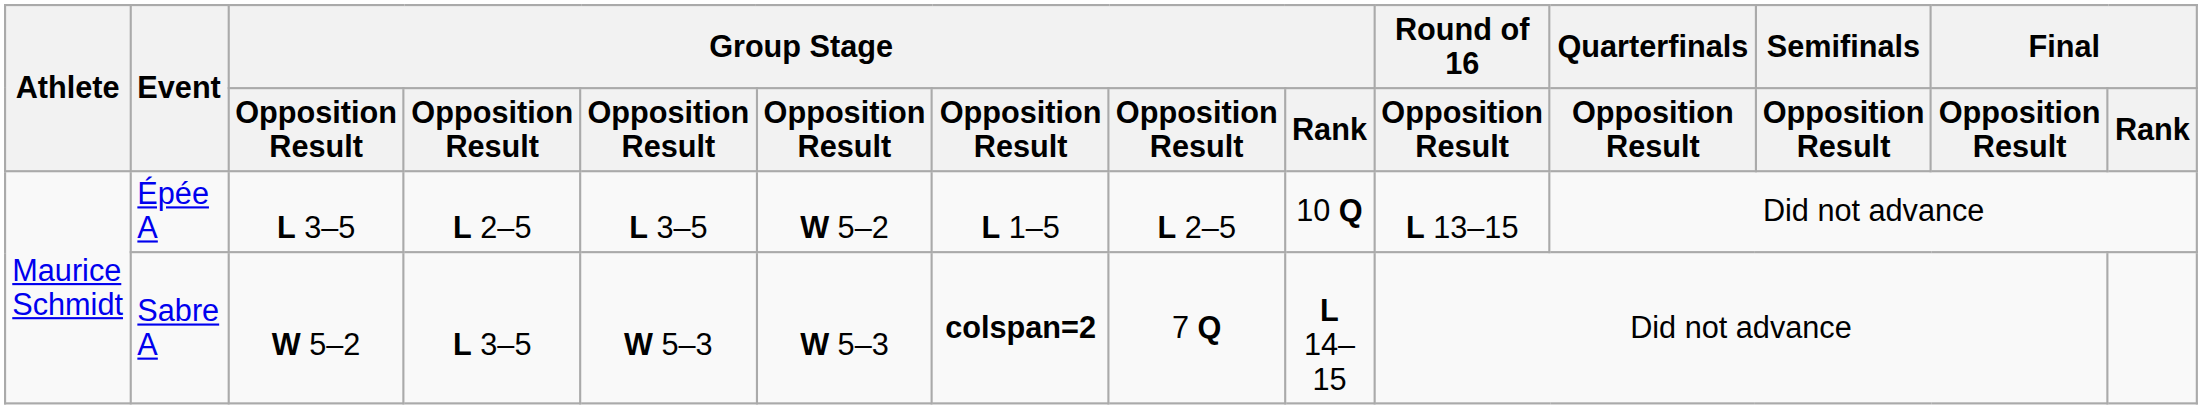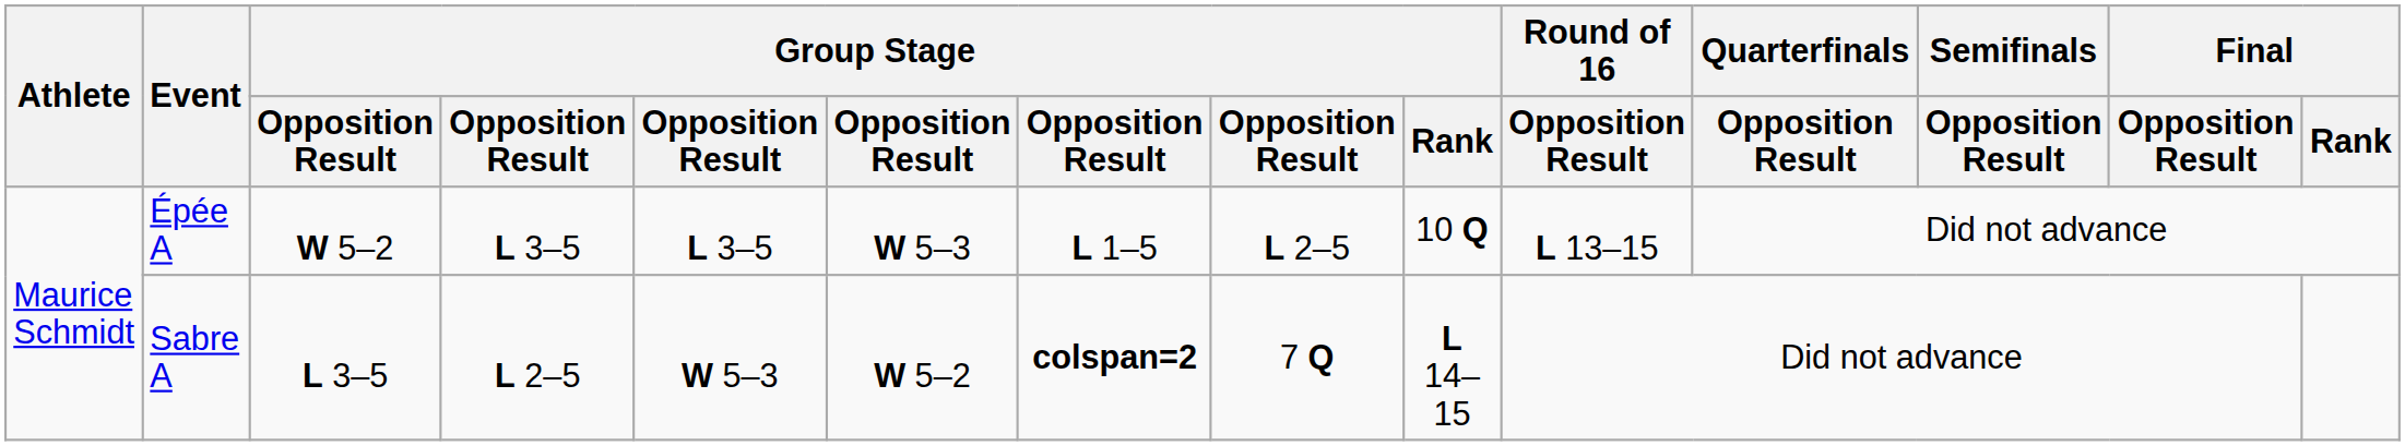 <table class=wikitable style="font-size:90%">
 <tr>
 <th rowspan="2">Athlete</th>
 <th rowspan="2">Event</th>
 <th colspan="7">Group Stage</th>
 <th>Round of 16</th>
 <th>Quarterfinals</th>
 <th>Semifinals</th>
 <th colspan="2">Final</th>
 </tr>
 <tr>
 <th>Opposition<br>Result</th>
 <th>Opposition<br>Result</th>
 <th>Opposition<br>Result</th>
 <th>Opposition<br>Result</th>
 <th>Opposition<br>Result</th>
 <th>Opposition<br>Result</th>
 <th>Rank</th>
 <th>Opposition<br>Result</th>
 <th>Opposition<br>Result</th>
 <th>Opposition<br>Result</th>
 <th>Opposition<br>Result</th>
 <th>Rank</th>
 </tr>
 <tr align=center>
 <td align=left rowspan=2><a href='#'>Maurice Schmidt</a></td>
 <td align=left><a href='#'>Épée A</a></td>
+<td><br><strong>W</strong> 5–2</td>
+<td><br> <strong>L</strong> 3–5</td>
 <td><br><strong>L</strong> 3–5</td>
-<td><br><strong>L</strong> 2–5</td>
-<td><br><strong>L</strong> 3–5</td>
-<td><br><strong>W</strong> 5–2</td>
+<td><br><strong>W</strong> 5–3</td>
 <td><br><strong>L</strong> 1–5</td>
 <td><br><strong>L</strong> 2–5</td>
 <td>10 <strong>Q</strong></td>
 <td><br><strong>L</strong> 13–15</td>
 <td colspan=4>Did not advance</td>
 </tr>
 <tr align=center>
 <td align=left><a href='#'>Sabre A</a></td>
+<td><br><strong>L</strong> 3–5</td>
+<td><br><strong>L</strong> 2–5</td>
+<td><br><strong>W</strong> 5–3</td>
 <td><br><strong>W</strong> 5–2</td>
-<td><br> <strong>L</strong> 3–5</td>
-<td><br><strong>W</strong> 5–3</td>
-<td><br><strong>W</strong> 5–3</td>
 <td><strong>colspan=2</strong></td>
 <td>7 <strong>Q</strong></td>
 <td><br><strong>L</strong> 14–15</td>
 <td colspan=4>Did not advance</td>
 </tr>
 </table>
